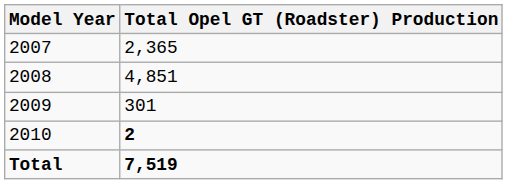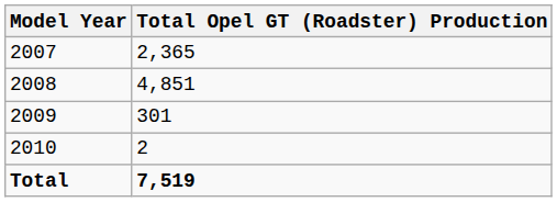 <table class="wikitable">
 <tr>
 <th>Model Year</th>
 <th>Total Opel GT (Roadster) Production</th>
 </tr>
 <tr>
 <td>2007</td>
 <td>2,365</td>
 </tr>
 <tr>
 <td>2008</td>
 <td>4,851</td>
 </tr>
 <tr>
 <td>2009</td>
 <td>301</td>
 </tr>
 <tr>
 <td>2010</td>
-<td><strong>2</strong></td>
+<td>2</td>
 </tr>
 <tr>
 <td><strong> Total</strong></td>
 <td><strong>7,519</strong></td>
 </tr>
 </table>
